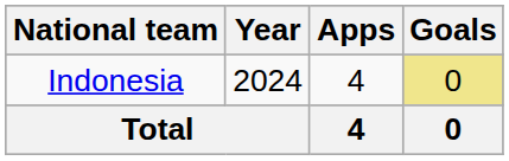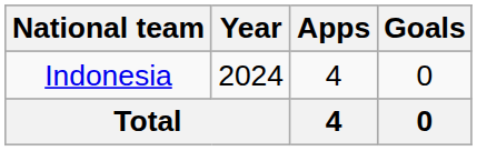 <table class="wikitable" style="text-align:center">
 <tr>
 <th>National team</th>
 <th>Year</th>
 <th>Apps</th>
 <th>Goals</th>
 </tr>
 <tr>
 <td><a href='#'>Indonesia</a></td>
 <td>2024</td>
 <td>4</td>
-<td style="background: khaki;">0</td>
+<td>0</td>
 </tr>
 <tr>
 <th colspan=2>Total</th>
 <th>4</th>
 <th>0</th>
 </tr>
 </table>
